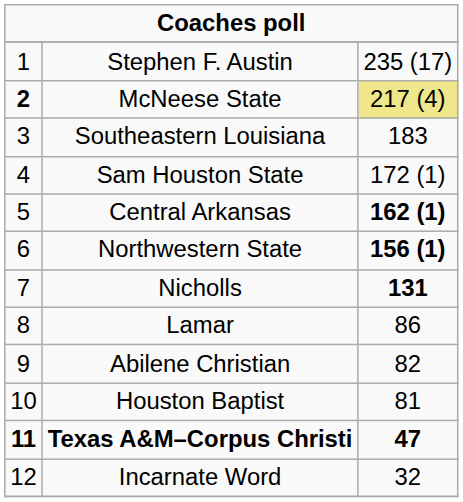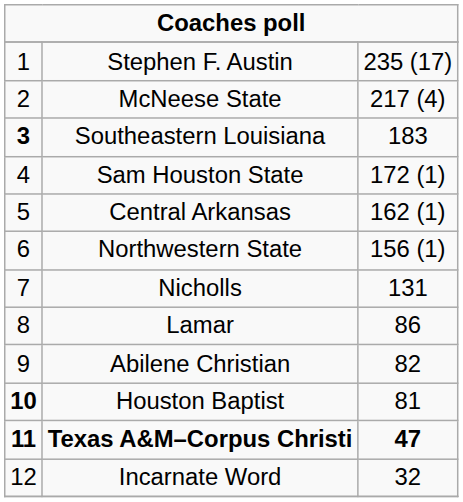 <table class="wikitable">
 <tr align="center">
 <td align="center" Colspan="3"><strong>Coaches poll</strong></td>
 </tr>
 <tr align="center">
 </tr>
 <tr align="center">
 <td>1</td>
 <td>Stephen F. Austin</td>
 <td>235 (17)</td>
 </tr>
 <tr align="center">
-<td><strong>2</strong></td>
+<td>2</td>
 <td>McNeese State</td>
-<td style="background: khaki;">217 (4)</td>
+<td>217 (4)</td>
 </tr>
 <tr align="center">
-<td>3</td>
+<td><strong>3</strong></td>
 <td>Southeastern Louisiana</td>
 <td>183</td>
 </tr>
 <tr align="center">
 <td>4</td>
 <td>Sam Houston State</td>
 <td>172 (1)</td>
 </tr>
 <tr align="center">
 <td>5</td>
 <td>Central Arkansas</td>
-<td><strong>162 (1)</strong></td>
+<td>162 (1)</td>
 </tr>
 <tr align="center">
 <td>6</td>
 <td>Northwestern State</td>
-<td><strong>156 (1)</strong></td>
+<td>156 (1)</td>
 </tr>
 <tr align="center">
 <td>7</td>
 <td>Nicholls</td>
-<td><strong>131</strong></td>
+<td>131</td>
 </tr>
 <tr align="center">
 <td>8</td>
 <td>Lamar</td>
 <td>86</td>
 </tr>
 <tr align="center">
 <td>9</td>
 <td>Abilene Christian</td>
 <td>82</td>
 </tr>
 <tr align="center">
-<td>10</td>
+<td><strong>10</strong></td>
 <td>Houston Baptist</td>
 <td>81</td>
 </tr>
 <tr align="center">
 <td><strong>11</strong></td>
 <td><strong>Texas A&M–Corpus Christi</strong></td>
 <td><strong>47</strong></td>
 </tr>
 <tr align="center">
 <td>12</td>
 <td>Incarnate Word</td>
 <td>32</td>
 </tr>
 <tr align="center">
 </tr>
 </table>
